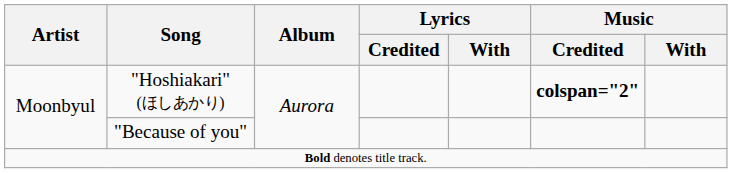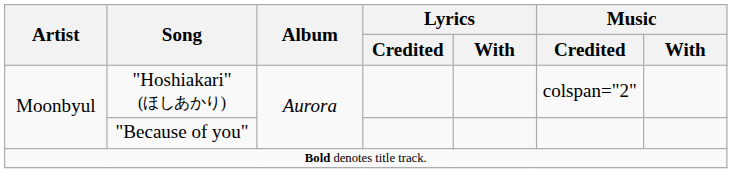 <table class="wikitable" style="text-align:center;">
 <tr>
 <th rowspan="2" style="width:7.5em;">Artist</th>
 <th rowspan="2" style="width:15em;">Song</th>
 <th rowspan="2" style="width:12.5em;">Album</th>
 <th colspan="2" style="width:16em;">Lyrics</th>
 <th colspan="2" style="width:16em;">Music</th>
 </tr>
 <tr>
 <th style="width:6em;">Credited</th>
 <th style="width:10em;">With</th>
 <th style="width:6em;">Credited</th>
 <th style="width:10em;">With</th>
 </tr>
 <tr>
 <td rowspan="2">Moonbyul</td>
 <td>"Hoshiakari" <br><small>(ほしあかり)</small></td>
 <td rowspan="2"><em>Aurora</em></td>
 <td></td>
 <td></td>
-<td><strong>colspan="2" </strong></td>
+<td>colspan="2" </td>
 </tr>
 <tr>
 <td>"Because of you"</td>
 <td></td>
 <td></td>
 <td></td>
 <td></td>
 </tr>
 <tr>
 <td colspan="7" style="text-align:center; font-size:8pt;"><strong>Bold</strong> denotes title track.</td>
 </tr>
 </table>
